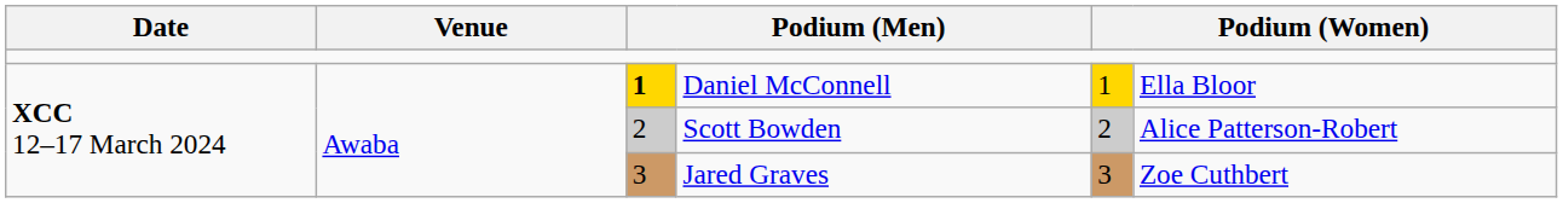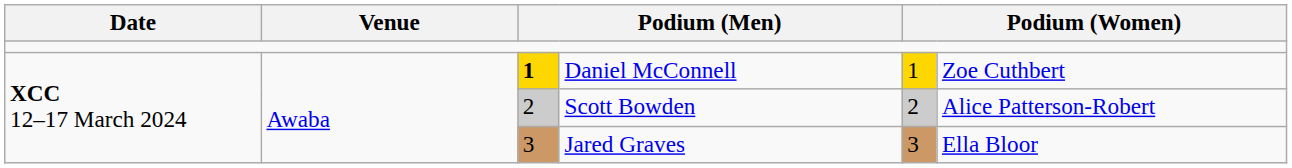 <table class="wikitable" width=70%>
 <tr>
 <th>Date</th>
 <th width=20%>Venue</th>
 <th colspan=2 width=30%>Podium (Men)</th>
 <th colspan=2 width=30%>Podium (Women)</th>
 </tr>
 <tr>
 <td colspan=6></td>
 </tr>
 <tr>
 <td rowspan=3><strong>XCC</strong> <br> 12–17 March 2024</td>
 <td rowspan=3><br><a href='#'>Awaba</a></td>
 <td bgcolor=FFD700><strong>1</strong></td>
 <td><a href='#'>Daniel McConnell</a></td>
 <td bgcolor=FFD700>1</td>
-<td><a href='#'>Ella Bloor</a></td>
+<td><a href='#'>Zoe Cuthbert</a></td>
 </tr>
 <tr>
 <td bgcolor=CCCCCC>2</td>
 <td><a href='#'>Scott Bowden</a></td>
 <td bgcolor=CCCCCC>2</td>
 <td><a href='#'>Alice Patterson-Robert</a></td>
 </tr>
 <tr>
 <td bgcolor=CC9966>3</td>
 <td><a href='#'>Jared Graves</a></td>
 <td bgcolor=CC9966>3</td>
-<td><a href='#'>Zoe Cuthbert</a></td>
+<td><a href='#'>Ella Bloor</a></td>
 </tr>
 </table>
